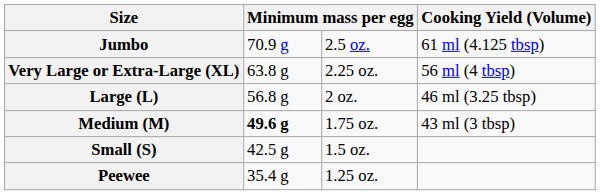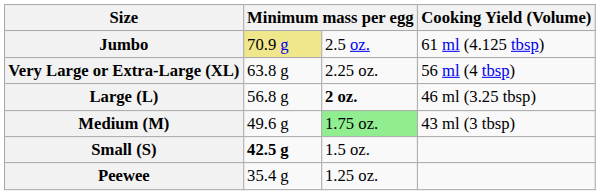 <table class="wikitable">
 <tr>
 <th>Size</th>
 <th colspan=2>Minimum mass per egg</th>
 <th>Cooking Yield (Volume)</th>
 </tr>
 <tr>
 <th>Jumbo</th>
-<td>70.9 <a href='#'>g</a></td>
+<td style="background: khaki;">70.9 <a href='#'>g</a></td>
 <td>2.5 <a href='#'>oz.</a></td>
 <td>61 <a href='#'>ml</a> (4.125 <a href='#'>tbsp</a>)</td>
 </tr>
 <tr>
 <th>Very Large or Extra-Large (XL)</th>
 <td>63.8 g</td>
 <td>2.25 oz.</td>
 <td>56 <a href='#'>ml</a> (4 <a href='#'>tbsp</a>)</td>
 </tr>
 <tr>
 <th>Large (L)</th>
 <td>56.8 g</td>
-<td>2 oz.</td>
+<td><strong>2 oz.</strong></td>
 <td>46 ml (3.25 tbsp)</td>
 </tr>
 <tr>
 <th>Medium (M)</th>
-<td><strong>49.6 g</strong></td>
-<td>1.75 oz.</td>
+<td>49.6 g</td>
+<td style="background: lightgreen;">1.75 oz.</td>
 <td>43 ml (3 tbsp)</td>
 </tr>
 <tr>
 <th>Small (S)</th>
-<td>42.5 g</td>
+<td><strong>42.5 g</strong></td>
 <td>1.5 oz.</td>
 <td></td>
 </tr>
 <tr>
 <th>Peewee</th>
 <td>35.4 g</td>
 <td>1.25 oz.</td>
 <td></td>
 </tr>
 </table>
